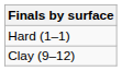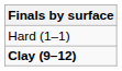 <table class=wikitable style=font-size:90%>
 <tr>
 <th>Finals by surface</th>
 </tr>
 <tr>
 <td>Hard (1–1)</td>
 </tr>
 <tr>
-<td>Clay (9–12)</td>
+<td><strong>Clay (9–12)</strong></td>
 </tr>
 </table>
